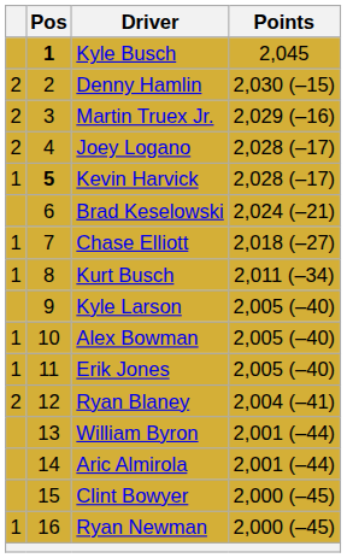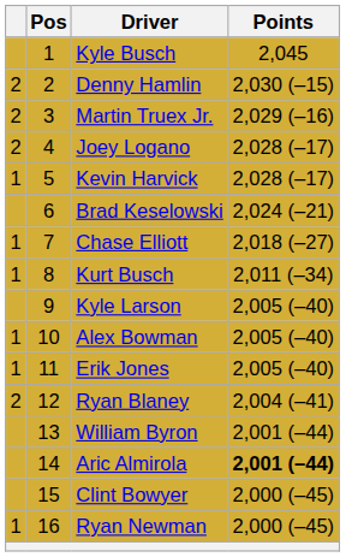 <table class="wikitable" style="font-size: 95%">
 <tr>
 <th></th>
 <th>Pos</th>
 <th>Driver</th>
 <th>Points</th>
 </tr>
 <tr style="background:#D4AF37;">
 <td align="left"></td>
-<td style="text-align:center;"><strong>1</strong></td>
+<td style="text-align:center;">1</td>
 <td><a href='#'>Kyle Busch</a></td>
 <td style="text-align:center;">2,045</td>
 </tr>
 <tr style="background:#D4AF37;">
 <td align="left"> 2</td>
 <td style="text-align:center;">2</td>
 <td><a href='#'>Denny Hamlin</a></td>
 <td style="text-align:center;">2,030 (–15)</td>
 </tr>
 <tr style="background:#D4AF37;">
 <td align="left"> 2</td>
 <td style="text-align:center;">3</td>
 <td><a href='#'>Martin Truex Jr.</a></td>
 <td style="text-align:center;">2,029 (–16)</td>
 </tr>
 <tr style="background:#D4AF37;">
 <td align="left"> 2</td>
 <td style="text-align:center;">4</td>
 <td><a href='#'>Joey Logano</a></td>
 <td style="text-align:center;">2,028 (–17)</td>
 </tr>
 <tr style="background:#D4AF37;">
 <td align="left"> 1</td>
-<td style="text-align:center;"><strong>5</strong></td>
+<td style="text-align:center;">5</td>
 <td><a href='#'>Kevin Harvick</a></td>
 <td style="text-align:center;">2,028 (–17)</td>
 </tr>
 <tr style="background:#D4AF37;">
 <td align="left"></td>
 <td style="text-align:center;">6</td>
 <td><a href='#'>Brad Keselowski</a></td>
 <td style="text-align:center;">2,024 (–21)</td>
 </tr>
 <tr style="background:#D4AF37;">
 <td align="left"> 1</td>
 <td style="text-align:center;">7</td>
 <td><a href='#'>Chase Elliott</a></td>
 <td style="text-align:center;">2,018 (–27)</td>
 </tr>
 <tr style="background:#D4AF37;">
 <td align="left"> 1</td>
 <td style="text-align:center;">8</td>
 <td><a href='#'>Kurt Busch</a></td>
 <td style="text-align:center;">2,011 (–34)</td>
 </tr>
 <tr style="background:#D4AF37;">
 <td align="left"></td>
 <td style="text-align:center;">9</td>
 <td><a href='#'>Kyle Larson</a></td>
 <td style="text-align:center;">2,005 (–40)</td>
 </tr>
 <tr style="background:#D4AF37;">
 <td align="left"> 1</td>
 <td style="text-align:center;">10</td>
 <td><a href='#'>Alex Bowman</a></td>
 <td style="text-align:center;">2,005 (–40)</td>
 </tr>
 <tr style="background:#D4AF37;">
 <td align="left"> 1</td>
 <td style="text-align:center;">11</td>
 <td><a href='#'>Erik Jones</a></td>
 <td style="text-align:center;">2,005 (–40)</td>
 </tr>
 <tr style="background:#D4AF37;">
 <td align="left"> 2</td>
 <td style="text-align:center;">12</td>
 <td><a href='#'>Ryan Blaney</a></td>
 <td style="text-align:center;">2,004 (–41)</td>
 </tr>
 <tr style="background:#D4AF37;">
 <td align="left"></td>
 <td style="text-align:center;">13</td>
 <td><a href='#'>William Byron</a></td>
 <td style="text-align:center;">2,001 (–44)</td>
 </tr>
 <tr style="background:#D4AF37;">
 <td align="left"></td>
 <td style="text-align:center;">14</td>
 <td><a href='#'>Aric Almirola</a></td>
-<td style="text-align:center;">2,001 (–44)</td>
+<td style="text-align:center;"><strong>2,001 (–44)</strong></td>
 </tr>
 <tr style="background:#D4AF37;">
 <td align="left"></td>
 <td style="text-align:center;">15</td>
 <td><a href='#'>Clint Bowyer</a></td>
 <td style="text-align:center;">2,000 (–45)</td>
 </tr>
 <tr style="background:#D4AF37;">
 <td align="left"> 1</td>
 <td style="text-align:center;">16</td>
 <td><a href='#'>Ryan Newman</a></td>
 <td style="text-align:center;">2,000 (–45)</td>
 </tr>
 <tr class="sortbottom">
 <th colspan="9"></th>
 </tr>
 </table>
